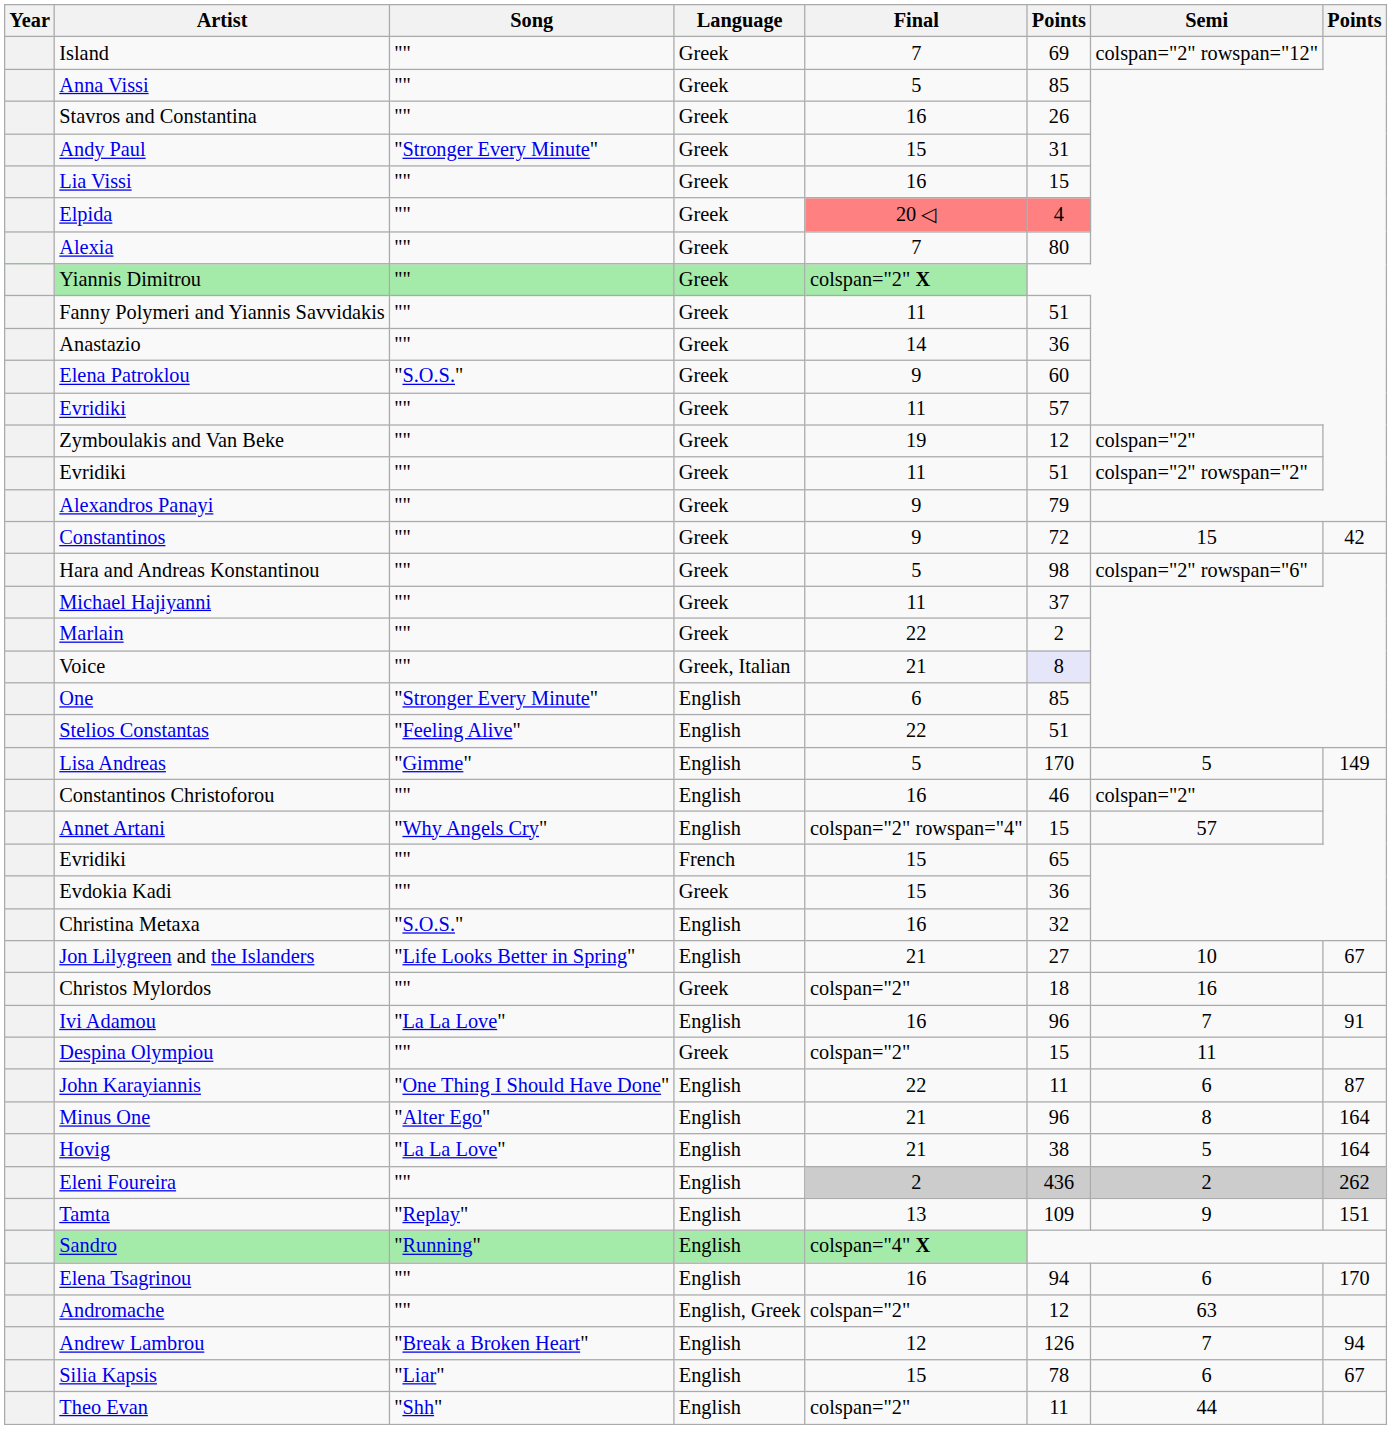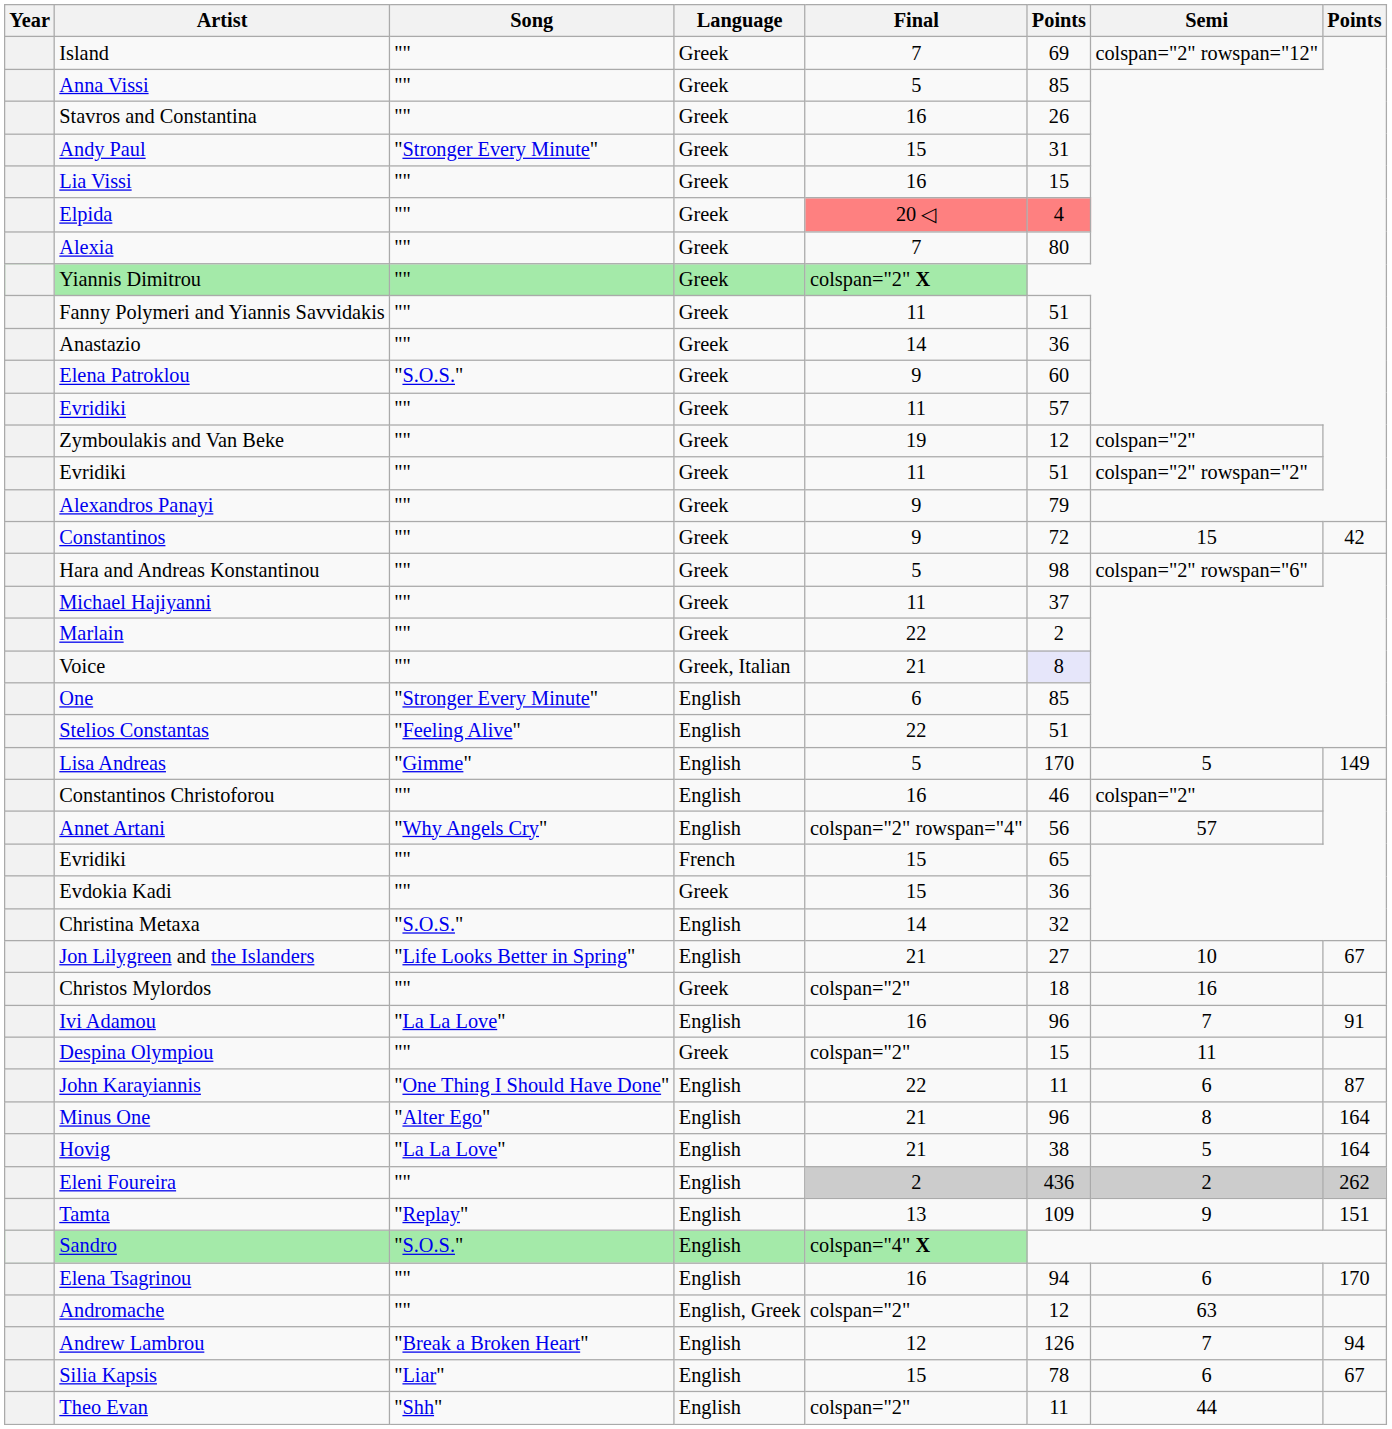 <table class="wikitable sortable plainrowheaders">
 <tr>
 <th scope="col">Year</th>
 <th scope="col">Artist</th>
 <th scope="col">Song</th>
 <th scope="col">Language</th>
 <th scope="col" data-sort-type="number">Final</th>
 <th scope="col" data-sort-type="number">Points</th>
 <th scope="col" data-sort-type="number">Semi</th>
 <th scope="col" data-sort-type="number">Points</th>
 </tr>
 <tr>
 <th scope="row" style="text-align:center;"></th>
 <td>Island</td>
 <td>"" </td>
 <td>Greek</td>
 <td style="text-align:center;">7</td>
 <td style="text-align:center;">69</td>
 <td>colspan="2" rowspan="12" </td>
 </tr>
 <tr>
 <th scope="row" style="text-align:center;"></th>
 <td><a href='#'>Anna Vissi</a></td>
 <td>"" </td>
 <td>Greek</td>
 <td style="text-align:center;">5</td>
 <td style="text-align:center;">85</td>
 </tr>
 <tr>
 <th scope="row" style="text-align:center;"></th>
 <td>Stavros and Constantina</td>
 <td>"" </td>
 <td>Greek</td>
 <td style="text-align:center;">16</td>
 <td style="text-align:center;">26</td>
 </tr>
 <tr>
 <th scope="row" style="text-align:center;"></th>
 <td><a href='#'>Andy Paul</a></td>
 <td>"<a href='#'>Stronger Every Minute</a>"</td>
 <td>Greek</td>
 <td style="text-align:center;">15</td>
 <td style="text-align:center;">31</td>
 </tr>
 <tr>
 <th scope="row" style="text-align:center;"></th>
 <td><a href='#'>Lia Vissi</a></td>
 <td>"" </td>
 <td>Greek</td>
 <td style="text-align:center;">16</td>
 <td style="text-align:center;">15</td>
 </tr>
 <tr>
 <th scope="row" style="text-align:center;"></th>
 <td><a href='#'>Elpida</a></td>
 <td>"" </td>
 <td>Greek</td>
 <td style="text-align:center; background-color:#FE8080;">20 ◁</td>
 <td style="text-align:center; background-color:#FE8080;">4</td>
 </tr>
 <tr>
 <th scope="row" style="text-align:center;"></th>
 <td><a href='#'>Alexia</a></td>
 <td>"" </td>
 <td>Greek</td>
 <td style="text-align:center;">7</td>
 <td style="text-align:center;">80</td>
 </tr>
 <tr style="background-color:#A4EAA9;">
 <th scope="row" style="text-align:center;"></th>
 <td>Yiannis Dimitrou</td>
 <td>"" </td>
 <td>Greek</td>
 <td>colspan="2"  <strong>X</strong></td>
 </tr>
 <tr>
 <th scope="row" style="text-align:center;"></th>
 <td>Fanny Polymeri and Yiannis Savvidakis</td>
 <td>"" </td>
 <td>Greek</td>
 <td style="text-align:center;">11</td>
 <td style="text-align:center;">51</td>
 </tr>
 <tr>
 <th scope="row" style="text-align:center;"></th>
 <td>Anastazio</td>
 <td>"" </td>
 <td>Greek</td>
 <td style="text-align:center;">14</td>
 <td style="text-align:center;">36</td>
 </tr>
 <tr>
 <th scope="row" style="text-align:center;"></th>
 <td><a href='#'>Elena Patroklou</a></td>
 <td>"<a href='#'>S.O.S.</a>"</td>
 <td>Greek</td>
 <td style="text-align:center;">9</td>
 <td style="text-align:center;">60</td>
 </tr>
 <tr>
 <th scope="row" style="text-align:center;"></th>
 <td><a href='#'>Evridiki</a></td>
 <td>"" </td>
 <td>Greek</td>
 <td style="text-align:center;">11</td>
 <td style="text-align:center;">57</td>
 </tr>
 <tr>
 <th scope="row" style="text-align:center;"></th>
 <td>Zymboulakis and Van Beke</td>
 <td>"" </td>
 <td>Greek</td>
 <td style="text-align:center;">19</td>
 <td style="text-align:center;">12</td>
 <td>colspan="2" </td>
 </tr>
 <tr>
 <th scope="row" style="text-align:center;"></th>
 <td>Evridiki</td>
 <td>"" </td>
 <td>Greek</td>
 <td style="text-align:center;">11</td>
 <td style="text-align:center;">51</td>
 <td>colspan="2" rowspan="2" </td>
 </tr>
 <tr>
 <th scope="row" style="text-align:center;"></th>
 <td><a href='#'>Alexandros Panayi</a></td>
 <td>"" </td>
 <td>Greek</td>
 <td style="text-align:center;">9</td>
 <td style="text-align:center;">79</td>
 </tr>
 <tr>
 <th scope="row" style="text-align:center;"></th>
 <td><a href='#'>Constantinos</a></td>
 <td>"" </td>
 <td>Greek</td>
 <td style="text-align:center;">9</td>
 <td style="text-align:center;">72</td>
 <td style="text-align:center;">15</td>
 <td style="text-align:center;">42</td>
 </tr>
 <tr>
 <th scope="row" style="text-align:center;"></th>
 <td>Hara and Andreas Konstantinou</td>
 <td>"" </td>
 <td>Greek</td>
 <td style="text-align:center;">5</td>
 <td style="text-align:center;">98</td>
 <td>colspan="2" rowspan="6" </td>
 </tr>
 <tr>
 <th scope="row" style="text-align:center;"></th>
 <td><a href='#'>Michael Hajiyanni</a></td>
 <td>"" </td>
 <td>Greek</td>
 <td style="text-align:center;">11</td>
 <td style="text-align:center;">37</td>
 </tr>
 <tr>
 <th scope="row" style="text-align:center;"></th>
 <td><a href='#'>Marlain</a></td>
 <td>"" </td>
 <td>Greek</td>
 <td style="text-align:center;">22</td>
 <td style="text-align:center;">2</td>
 </tr>
 <tr>
 <th scope="row" style="text-align:center;"></th>
 <td>Voice</td>
 <td>"" </td>
 <td>Greek, Italian</td>
 <td style="text-align:center;">21</td>
 <td style="background: lavender; text-align:center;">8</td>
 </tr>
 <tr>
 <th scope="row" style="text-align:center;"></th>
 <td><a href='#'>One</a></td>
 <td>"<a href='#'>Stronger Every Minute</a>"</td>
 <td>English</td>
 <td style="text-align:center;">6</td>
 <td style="text-align:center;">85</td>
 </tr>
 <tr>
 <th scope="row" style="text-align:center;"></th>
 <td><a href='#'>Stelios Constantas</a></td>
 <td>"<a href='#'>Feeling Alive</a>"</td>
 <td>English</td>
 <td style="text-align:center;">22</td>
 <td style="text-align:center;">51</td>
 </tr>
 <tr>
 <th scope="row" style="text-align:center;"></th>
 <td><a href='#'>Lisa Andreas</a></td>
 <td>"<a href='#'>Gimme</a>"</td>
 <td>English</td>
 <td style="text-align:center;">5</td>
 <td style="text-align:center;">170</td>
 <td style="text-align:center;">5</td>
 <td style="text-align:center;">149</td>
 </tr>
 <tr>
 <th scope="row" style="text-align:center;"></th>
 <td>Constantinos Christoforou</td>
 <td>""</td>
 <td>English</td>
 <td style="text-align:center;">16</td>
 <td style="text-align:center;">46</td>
 <td>colspan="2" </td>
 </tr>
 <tr>
 <th scope="row" style="text-align:center;"></th>
 <td><a href='#'>Annet Artani</a></td>
 <td>"<a href='#'>Why Angels Cry</a>"</td>
 <td>English</td>
 <td>colspan="2" rowspan="4" </td>
-<td style="text-align:center;">15</td>
+<td style="text-align:center;">56</td>
 <td style="text-align:center;">57</td>
 </tr>
 <tr>
 <th scope="row" style="text-align:center;"></th>
 <td>Evridiki</td>
 <td>""</td>
 <td>French</td>
 <td style="text-align:center;">15</td>
 <td style="text-align:center;">65</td>
 </tr>
 <tr>
 <th scope="row" style="text-align:center;"></th>
 <td>Evdokia Kadi</td>
 <td>""</td>
 <td>Greek</td>
 <td style="text-align:center;">15</td>
 <td style="text-align:center;">36</td>
 </tr>
 <tr>
 <th scope="row" style="text-align:center;"></th>
 <td>Christina Metaxa</td>
 <td>"<a href='#'>S.O.S.</a>"</td>
 <td>English</td>
-<td style="text-align:center;">16</td>
+<td style="text-align:center;">14</td>
 <td style="text-align:center;">32</td>
 </tr>
 <tr>
 <th scope="row" style="text-align:center;"></th>
 <td><a href='#'>Jon Lilygreen</a> and <a href='#'>the Islanders</a></td>
 <td>"<a href='#'>Life Looks Better in Spring</a>"</td>
 <td>English</td>
 <td style="text-align:center;">21</td>
 <td style="text-align:center;">27</td>
 <td style="text-align:center;">10</td>
 <td style="text-align:center;">67</td>
 </tr>
 <tr>
 <th scope="row" style="text-align:center;"></th>
 <td>Christos Mylordos</td>
 <td>"" </td>
 <td>Greek</td>
 <td>colspan="2" </td>
 <td style="text-align:center;">18</td>
 <td style="text-align:center;">16</td>
 </tr>
 <tr>
 <th scope="row" style="text-align:center;"></th>
 <td><a href='#'>Ivi Adamou</a></td>
 <td>"<a href='#'>La La Love</a>"</td>
 <td>English</td>
 <td style="text-align:center;">16</td>
 <td style="text-align:center;">96</td>
 <td style="text-align:center;">7</td>
 <td style="text-align:center;">91</td>
 </tr>
 <tr>
 <th scope="row" style="text-align:center;"></th>
 <td><a href='#'>Despina Olympiou</a></td>
 <td>"" </td>
 <td>Greek</td>
 <td>colspan="2" </td>
 <td style="text-align:center;">15</td>
 <td style="text-align:center;">11</td>
 </tr>
 <tr>
 <th scope="row" style="text-align:center;"></th>
 <td><a href='#'>John Karayiannis</a></td>
 <td>"<a href='#'>One Thing I Should Have Done</a>"</td>
 <td>English</td>
 <td style="text-align:center;">22</td>
 <td style="text-align:center;">11</td>
 <td style="text-align:center;">6</td>
 <td style="text-align:center;">87</td>
 </tr>
 <tr>
 <th scope="row" style="text-align:center;"></th>
 <td><a href='#'>Minus One</a></td>
 <td>"<a href='#'>Alter Ego</a>"</td>
 <td>English</td>
 <td style="text-align:center;">21</td>
 <td style="text-align:center;">96</td>
 <td style="text-align:center;">8</td>
 <td style="text-align:center;">164</td>
 </tr>
 <tr>
 <th scope="row" style="text-align:center;"></th>
 <td><a href='#'>Hovig</a></td>
 <td>"<a href='#'>La La Love</a>"</td>
 <td>English</td>
 <td style="text-align:center;">21</td>
 <td style="text-align:center;">38</td>
 <td style="text-align:center;">5</td>
 <td style="text-align:center;">164</td>
 </tr>
 <tr>
 <th scope="row" style="text-align:center;"></th>
 <td><a href='#'>Eleni Foureira</a></td>
 <td>""</td>
 <td>English</td>
 <td style="text-align:center; background-color:#CCC;">2</td>
 <td style="text-align:center; background-color:#CCC;">436</td>
 <td style="text-align:center; background-color:#CCC;">2</td>
 <td style="text-align:center; background-color:#CCC;">262</td>
 </tr>
 <tr>
 <th scope="row" style="text-align:center;"></th>
 <td><a href='#'>Tamta</a></td>
 <td>"<a href='#'>Replay</a>"</td>
 <td>English</td>
 <td style="text-align:center;">13</td>
 <td style="text-align:center;">109</td>
 <td style="text-align:center;">9</td>
 <td style="text-align:center;">151</td>
 </tr>
 <tr style="background-color:#A4EAA9;">
 <th scope="row" style="text-align:center;"></th>
 <td><a href='#'>Sandro</a></td>
-<td>"<a href='#'>Running</a>"</td>
+<td>"<a href='#'>S.O.S.</a>"</td>
 <td>English</td>
 <td>colspan="4"  <strong>X</strong></td>
 </tr>
 <tr>
 <th scope="row" style="text-align:center;"></th>
 <td><a href='#'>Elena Tsagrinou</a></td>
 <td>""</td>
 <td>English</td>
 <td style="text-align:center;">16</td>
 <td style="text-align:center;">94</td>
 <td style="text-align:center;">6</td>
 <td style="text-align:center;">170</td>
 </tr>
 <tr>
 <th scope="row" style="text-align:center;"></th>
 <td><a href='#'>Andromache</a></td>
 <td>"" </td>
 <td>English, Greek</td>
 <td>colspan="2" </td>
 <td style="text-align:center;">12</td>
 <td style="text-align:center;">63</td>
 </tr>
 <tr>
 <th scope="row" style="text-align:center;"></th>
 <td><a href='#'>Andrew Lambrou</a></td>
 <td>"<a href='#'>Break a Broken Heart</a>"</td>
 <td>English</td>
 <td style="text-align:center;">12</td>
 <td style="text-align:center;">126</td>
 <td style="text-align:center;">7</td>
 <td style="text-align:center;">94</td>
 </tr>
 <tr>
 <th scope="row" style="text-align:center;"></th>
 <td><a href='#'>Silia Kapsis</a></td>
 <td>"<a href='#'>Liar</a>"</td>
 <td>English</td>
 <td style="text-align:center;">15</td>
 <td style="text-align:center;">78</td>
 <td style="text-align:center;">6</td>
 <td style="text-align:center;">67</td>
 </tr>
 <tr>
 <th scope="row" style="text-align:center;"></th>
 <td><a href='#'>Theo Evan</a></td>
 <td>"<a href='#'>Shh</a>"</td>
 <td>English</td>
 <td>colspan="2" </td>
 <td style="text-align:center;">11</td>
 <td style="text-align:center;">44</td>
 </tr>
 </table>
